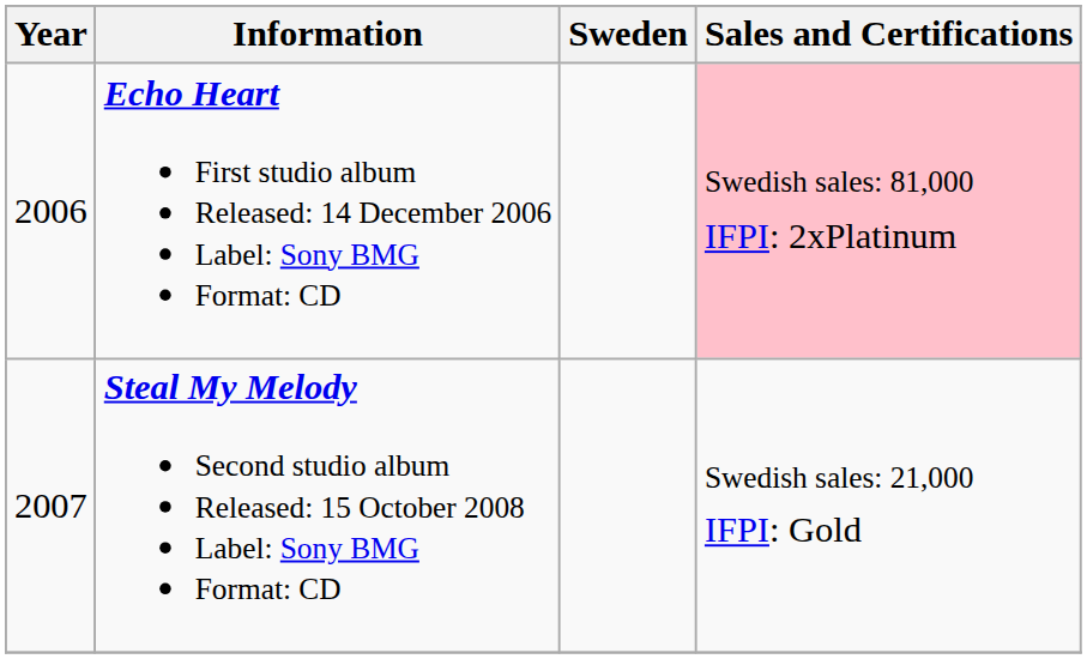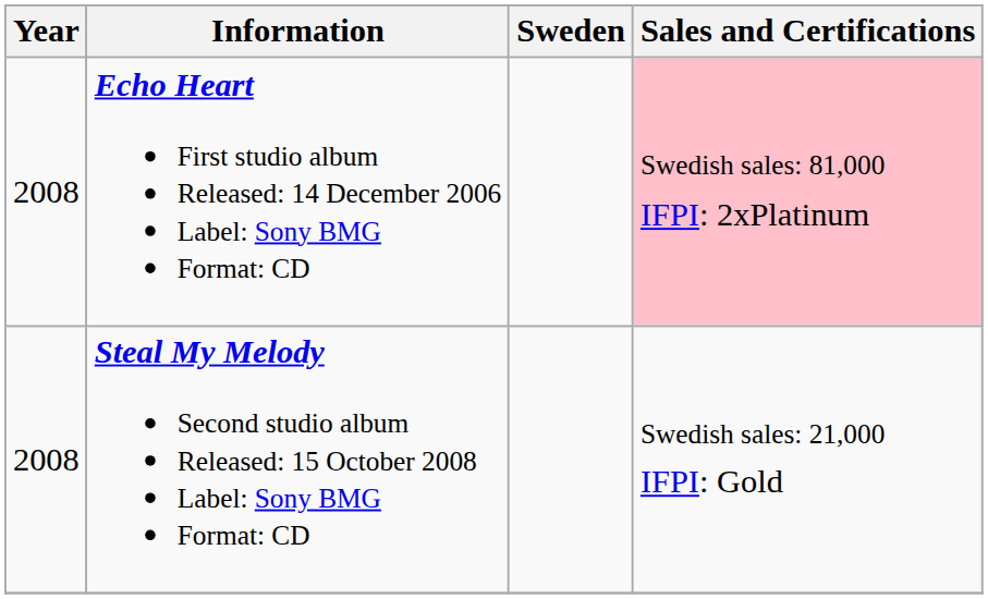 <table class="wikitable">
 <tr>
 <th align="center" rowspan="1">Year</th>
 <th align="center" rowspan="1">Information</th>
 <th align="center" rowspan="1">Sweden</th>
 <th align="center" rowspan="1">Sales and Certifications</th>
 </tr>
 <tr>
-<td>2006</td>
+<td>2008</td>
 <td><strong><em><a href='#'>Echo Heart</a></em></strong><br><ul><li><small>First studio album</small></li><li><small>Released: 14 December 2006</small></li><li><small>Label: <a href='#'>Sony BMG</a></small></li><li><small>Format: CD</small></li></ul></td>
 <td></td>
 <td style="background: pink;"><sup>Swedish sales: 81,000</sup><br><a href='#'>IFPI</a>: 2xPlatinum</td>
 </tr>
 <tr>
-<td>2007</td>
+<td>2008</td>
 <td><strong><em><a href='#'>Steal My Melody</a></em></strong><br><ul><li><small>Second studio album</small></li><li><small>Released: 15 October 2008</small></li><li><small>Label: <a href='#'>Sony BMG</a></small></li><li><small>Format: CD</small></li></ul></td>
 <td></td>
 <td><sup>Swedish sales: 21,000</sup><br><a href='#'>IFPI</a>: Gold</td>
 </tr>
 <tr>
 </tr>
 </table>
